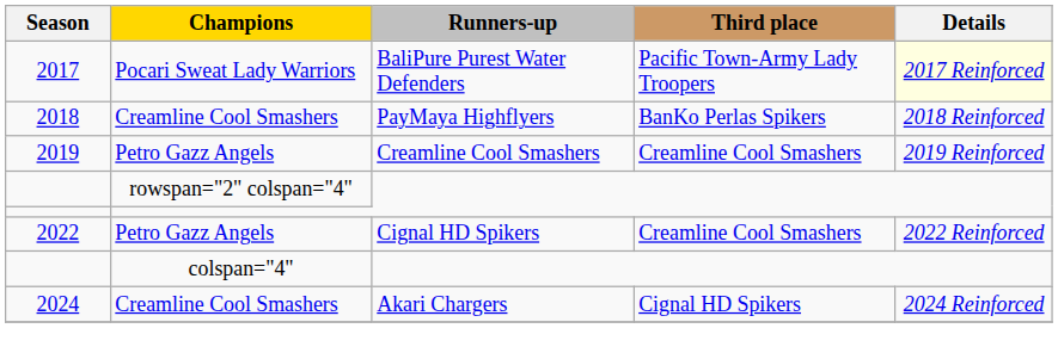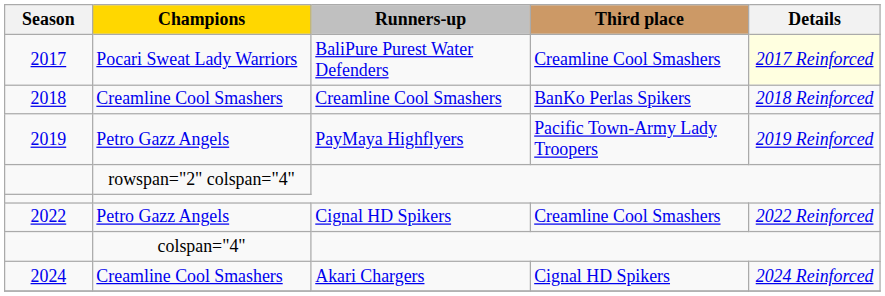 <table class=wikitable style="border-collapse: collapse; font-size:90%; text-align: center" width=80%>
 <tr>
 <th width=10%>Season</th>
 <th width=25% style="background:gold">Champions</th>
 <th width=25% style="background:silver">Runners-up</th>
 <th width=25% style="background:#cc9966">Third place</th>
 <th width=15%>Details</th>
 </tr>
 <tr>
 <td><a href='#'>2017</a></td>
 <td style="text-align:left"><a href='#'>Pocari Sweat Lady Warriors</a></td>
 <td style="text-align:left"><a href='#'>BaliPure Purest Water Defenders</a></td>
-<td style="text-align:left"><a href='#'>Pacific Town-Army Lady Troopers</a></td>
+<td style="text-align:left"><a href='#'>Creamline Cool Smashers</a></td>
 <td style="background: lightyellow;"><a href='#'><em>2017 Reinforced</em></a></td>
 </tr>
 <tr>
 <td><a href='#'>2018</a></td>
 <td style="text-align:left"><a href='#'>Creamline Cool Smashers</a></td>
-<td style="text-align:left"><a href='#'>PayMaya Highflyers</a></td>
+<td style="text-align:left"><a href='#'>Creamline Cool Smashers</a></td>
 <td style="text-align:left"><a href='#'>BanKo Perlas Spikers</a></td>
 <td><a href='#'><em>2018 Reinforced</em></a></td>
 </tr>
 <tr>
 <td><a href='#'>2019</a></td>
 <td style="text-align:left"><a href='#'>Petro Gazz Angels</a></td>
-<td style="text-align:left"><a href='#'>Creamline Cool Smashers</a></td>
-<td style="text-align:left"><a href='#'>Creamline Cool Smashers</a></td>
+<td style="text-align:left"><a href='#'>PayMaya Highflyers</a></td>
+<td style="text-align:left"><a href='#'>Pacific Town-Army Lady Troopers</a></td>
 <td><a href='#'><em>2019 Reinforced</em></a></td>
 </tr>
 <tr>
 <td></td>
 <td>rowspan="2" colspan="4" </td>
 </tr>
 <tr>
 <td></td>
 </tr>
 <tr>
 <td><a href='#'>2022</a></td>
 <td style="text-align:left"><a href='#'>Petro Gazz Angels</a></td>
 <td style="text-align:left"><a href='#'>Cignal HD Spikers</a></td>
 <td style="text-align:left"><a href='#'>Creamline Cool Smashers</a></td>
 <td><a href='#'><em>2022 Reinforced</em></a></td>
 </tr>
 <tr>
 <td></td>
 <td>colspan="4" </td>
 </tr>
 <tr>
 <td><a href='#'>2024</a></td>
 <td style="text-align:left"><a href='#'>Creamline Cool Smashers</a></td>
 <td style="text-align:left"><a href='#'>Akari Chargers</a></td>
 <td style="text-align:left"><a href='#'>Cignal HD Spikers</a></td>
 <td><a href='#'><em>2024 Reinforced</em></a></td>
 </tr>
 <tr>
 </tr>
 </table>
